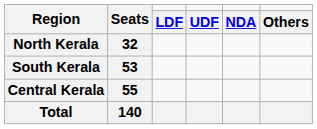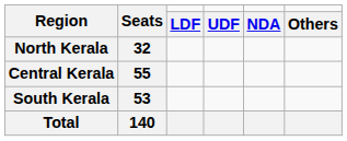 <table class="wikitable" style="text-align:center;">
 <tr>
 <th rowspan="2">Region</th>
 <th rowspan="2">Seats</th>
 <td style="color:inherit;background:"></td>
 <td style="color:inherit;background:"></td>
 <td style="color:inherit;background:"></td>
 <td style="color:inherit;background:"></td>
 </tr>
 <tr>
 <th><a href='#'>LDF</a></th>
 <th><a href='#'>UDF</a></th>
 <th><a href='#'>NDA</a></th>
 <th>Others</th>
 </tr>
 <tr>
 <th>North Kerala</th>
 <th>32</th>
 <td></td>
 <td></td>
 <td></td>
 <td></td>
 </tr>
 <tr>
-<th>South Kerala</th>
-<th>53</th>
+<th>Central Kerala</th>
+<th>55</th>
 <td></td>
 <td></td>
 <td></td>
 <td></td>
 </tr>
 <tr>
-<th>Central Kerala</th>
-<th>55</th>
+<th>South Kerala</th>
+<th>53</th>
 <td></td>
 <td></td>
 <td></td>
 <td></td>
 </tr>
 <tr>
 <th>Total</th>
 <th>140</th>
 <th></th>
 <th></th>
 <th></th>
 <th></th>
 </tr>
 </table>
